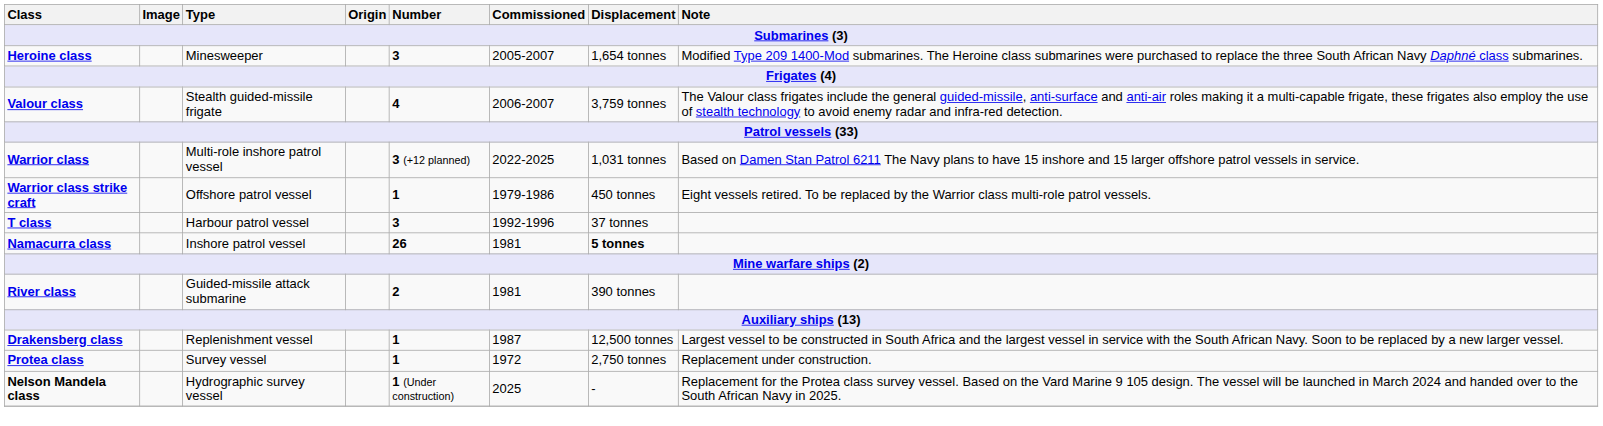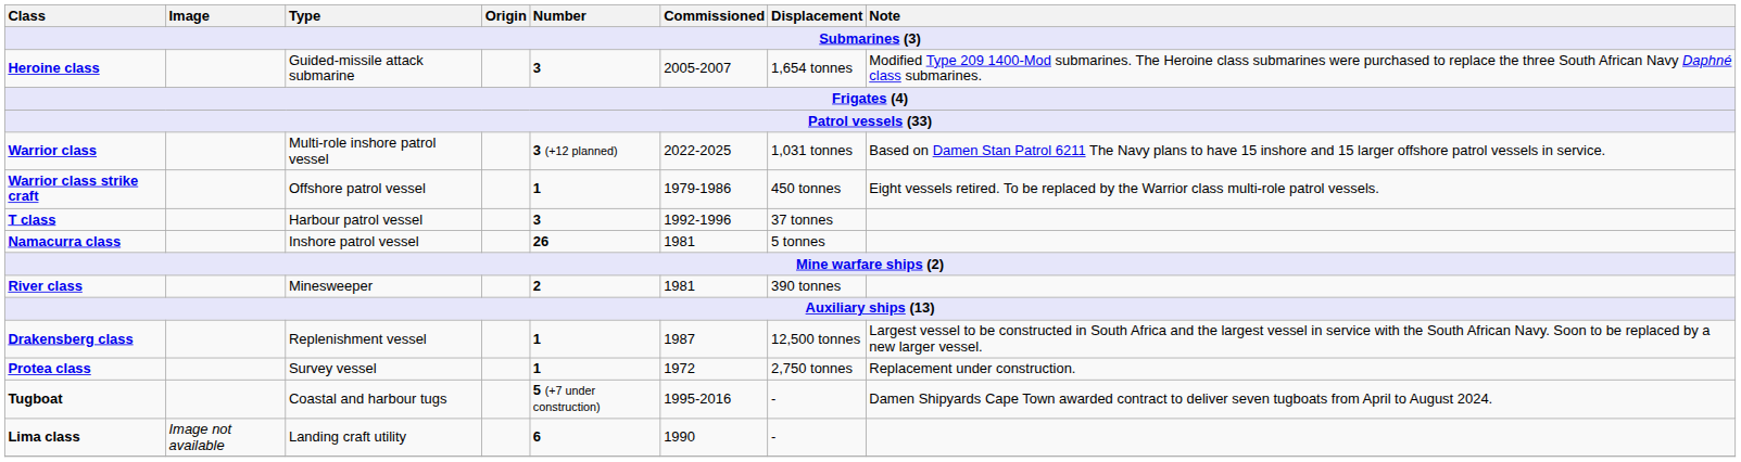 <table class="wikitable">
 <tr>
 <th style="text-align:left;">Class</th>
 <th style="text-align:left;">Image</th>
 <th style="text-align:left;">Type</th>
 <th style="text-align:left;">Origin</th>
 <th style="text-align:left;">Number</th>
 <th><strong>Commissioned</strong></th>
 <th style="text-align:left;">Displacement</th>
 <th style="text-align:left;">Note</th>
 </tr>
 <tr>
 <th colspan="8" style="align: center; background: lavender;"><strong><a href='#'>Submarines</a> (3)</strong></th>
 </tr>
 <tr>
 <td><a href='#'><strong>Heroine class</strong></a></td>
 <td></td>
-<td>Minesweeper</td>
+<td>Guided-missile attack submarine</td>
 <td></td>
 <td><strong>3</strong></td>
 <td>2005-2007</td>
 <td>1,654 tonnes</td>
 <td>Modified <a href='#'>Type 209 1400-Mod</a> submarines. The Heroine class submarines were purchased to replace the three South African Navy <a href='#'><em>Daphné</em> class</a> submarines.</td>
 </tr>
 <tr>
 <th colspan="8" style="align: center; background: lavender;"><strong><a href='#'>Frigates</a> (4)</strong></th>
-</tr>
-<tr>
-<td><a href='#'><strong>Valour class</strong></a></td>
-<td></td>
-<td>Stealth guided-missile frigate</td>
-<td><br></td>
-<td><strong>4</strong></td>
-<td>2006-2007</td>
-<td>3,759 tonnes</td>
-<td>The Valour class frigates include the general <a href='#'>guided-missile</a>, <a href='#'>anti-surface</a> and <a href='#'>anti-air</a> roles making it a multi-capable frigate, these frigates also employ the use of <a href='#'>stealth technology</a> to avoid enemy radar and infra-red detection.</td>
 </tr>
 <tr>
 <th colspan="8" style="align: center; background: lavender;"><strong><a href='#'>Patrol vessels</a> (33)</strong></th>
 </tr>
 <tr>
 <td><a href='#'><strong>Warrior class</strong></a></td>
 <td></td>
 <td>Multi-role inshore patrol vessel</td>
 <td></td>
 <td><strong>3</strong> <small>(+12 planned)</small></td>
 <td>2022-2025</td>
 <td>1,031 tonnes</td>
 <td>Based on <a href='#'>Damen Stan Patrol 6211</a> The Navy plans to have 15 inshore and 15 larger offshore patrol vessels in service.</td>
 </tr>
 <tr>
 <td><a href='#'><strong>Warrior class strike craft</strong></a></td>
 <td></td>
 <td>Offshore patrol vessel</td>
 <td><br></td>
 <td><strong>1</strong></td>
 <td>1979-1986</td>
 <td>450 tonnes</td>
 <td>Eight vessels retired. To be replaced by the Warrior class multi-role patrol vessels.</td>
 </tr>
 <tr>
 <td><a href='#'><strong>T class</strong></a></td>
 <td></td>
 <td>Harbour patrol vessel</td>
 <td></td>
 <td><strong>3</strong></td>
 <td>1992-1996</td>
 <td>37 tonnes</td>
 <td></td>
 </tr>
 <tr>
 <td><a href='#'><strong>Namacurra class</strong></a></td>
 <td></td>
 <td>Inshore patrol vessel</td>
 <td></td>
 <td><strong>26</strong></td>
 <td>1981</td>
-<td><strong>5 tonnes</strong></td>
+<td>5 tonnes</td>
 <td></td>
 </tr>
 <tr>
 <th colspan="8" style="align: center; background: lavender;"><strong><a href='#'>Mine warfare ships</a> (2)</strong></th>
 </tr>
 <tr>
 <td><a href='#'><strong>River class</strong></a></td>
 <td></td>
-<td>Guided-missile attack submarine</td>
+<td>Minesweeper</td>
 <td></td>
 <td><strong>2</strong></td>
 <td>1981</td>
 <td>390 tonnes</td>
 <td></td>
 </tr>
 <tr>
 <th colspan="8" style="align: center; background: lavender;"><strong><a href='#'>Auxiliary ships</a> (13)</strong></th>
 </tr>
 <tr>
 <td><a href='#'><strong>Drakensberg class</strong></a></td>
 <td></td>
 <td>Replenishment vessel</td>
 <td></td>
 <td><strong>1</strong></td>
 <td>1987</td>
 <td>12,500 tonnes</td>
 <td>Largest vessel to be constructed in South Africa and the largest vessel in service with the South African Navy. Soon to be replaced by a new larger vessel.</td>
 </tr>
 <tr>
 <td><a href='#'><strong>Protea class</strong></a></td>
 <td></td>
 <td>Survey vessel</td>
 <td></td>
 <td><strong>1</strong></td>
 <td>1972</td>
 <td>2,750 tonnes</td>
 <td>Replacement under construction.</td>
 </tr>
 <tr>
-<td><strong>Nelson Mandela class</strong></td>
+<td><strong>Tugboat</strong></td>
 <td></td>
-<td>Hydrographic survey vessel</td>
+<td>Coastal and harbour tugs</td>
 <td></td>
-<td><strong>1</strong> <small>(Under construction)</small></td>
-<td>2025</td>
+<td><strong>5</strong> <small>(+7 under construction)</small></td>
+<td>1995-2016</td>
 <td>-</td>
-<td>Replacement for the Protea class survey vessel. Based on the Vard Marine 9 105 design. The vessel will be launched in March 2024 and handed over to the South African Navy in 2025.</td>
+<td>Damen Shipyards Cape Town awarded contract to deliver seven tugboats from April to August 2024.</td>
+</tr>
+<tr>
+<td><strong>Lima class</strong></td>
+<td><em>Image not available</em></td>
+<td>Landing craft utility</td>
+<td></td>
+<td><strong>6</strong></td>
+<td>1990</td>
+<td>-</td>
+<td></td>
 </tr>
 <tr>
 </tr>
 </table>
